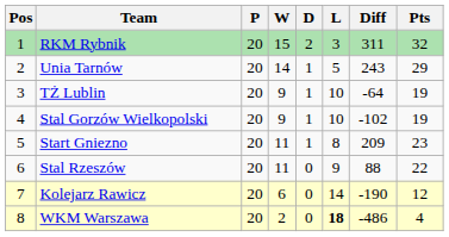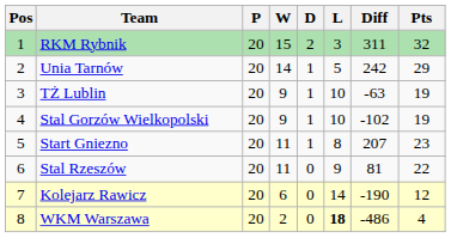 <table class="wikitable" style="font-size: 100%">
 <tr>
 <th width=20>Pos</th>
 <th width=200>Team</th>
 <th width=20>P</th>
 <th width=20>W</th>
 <th width=20>D</th>
 <th width=20>L</th>
 <th width=40>Diff</th>
 <th width=40>Pts</th>
 </tr>
 <tr align=center style="background:#ACE1AF;">
 <td>1</td>
 <td align="left"><a href='#'>RKM Rybnik</a></td>
 <td>20</td>
 <td>15</td>
 <td>2</td>
 <td>3</td>
 <td>311</td>
 <td>32</td>
 </tr>
 <tr align=center>
 <td>2</td>
 <td align="left"><a href='#'>Unia Tarnów</a></td>
 <td>20</td>
 <td>14</td>
 <td>1</td>
 <td>5</td>
-<td>243</td>
+<td>242</td>
 <td>29</td>
 </tr>
 <tr align=center>
 <td>3</td>
 <td align="left"><a href='#'>TŻ Lublin</a></td>
 <td>20</td>
 <td>9</td>
 <td>1</td>
 <td>10</td>
-<td>-64</td>
+<td>-63</td>
 <td>19</td>
 </tr>
 <tr align=center>
 <td>4</td>
 <td align="left"><a href='#'>Stal Gorzów Wielkopolski</a></td>
 <td>20</td>
 <td>9</td>
 <td>1</td>
 <td>10</td>
 <td>-102</td>
 <td>19</td>
 </tr>
 <tr align=center>
 <td>5</td>
 <td align="left"><a href='#'>Start Gniezno</a></td>
 <td>20</td>
 <td>11</td>
 <td>1</td>
 <td>8</td>
-<td>209</td>
+<td>207</td>
 <td>23</td>
 </tr>
 <tr align=center>
 <td>6</td>
 <td align="left"><a href='#'>Stal Rzeszów</a></td>
 <td>20</td>
 <td>11</td>
 <td>0</td>
 <td>9</td>
-<td>88</td>
+<td>81</td>
 <td>22</td>
 </tr>
 <tr align=center style="background: #ffffcc;">
 <td>7</td>
 <td align="left"><a href='#'>Kolejarz Rawicz</a></td>
 <td>20</td>
 <td>6</td>
 <td>0</td>
 <td>14</td>
 <td>-190</td>
 <td>12</td>
 </tr>
 <tr align=center style="background: #ffffcc;">
 <td>8</td>
 <td align="left"><a href='#'>WKM Warszawa</a></td>
 <td>20</td>
 <td>2</td>
 <td>0</td>
 <td><strong>18</strong></td>
 <td>-486</td>
 <td>4</td>
 </tr>
 </table>
